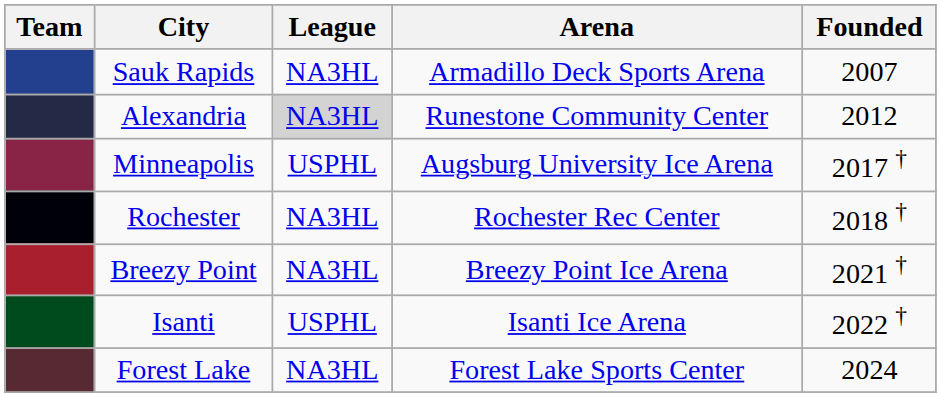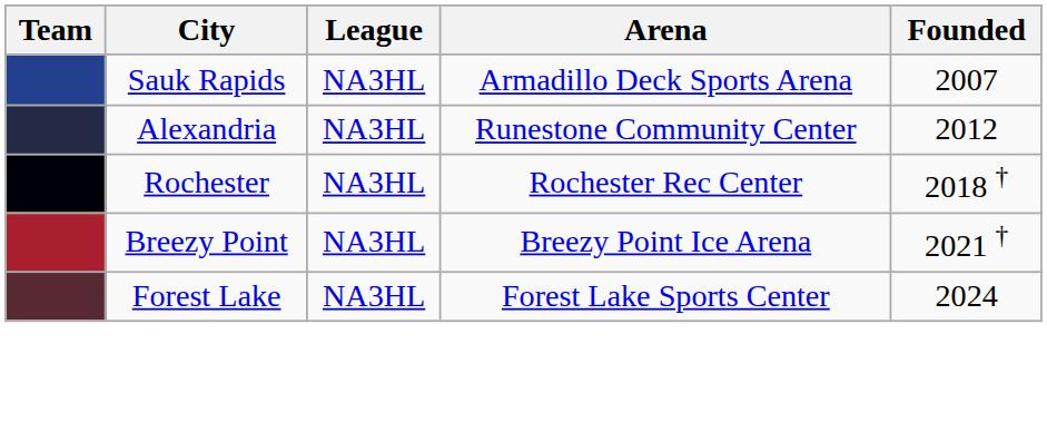 <table class="wikitable sortable" width="60%" style="text-align: center;">
 <tr>
 <th>Team</th>
 <th>City</th>
 <th>League</th>
 <th>Arena</th>
 <th>Founded</th>
 </tr>
 <tr>
 <td style="color:white; background:#22408e; "><strong><a href='#'></a></strong></td>
 <td><a href='#'>Sauk Rapids</a></td>
 <td><a href='#'>NA3HL</a></td>
 <td><a href='#'>Armadillo Deck Sports Arena</a></td>
 <td>2007</td>
 </tr>
 <tr style="text-align: center;">
 <td style="color:white; background:#242946; "><strong><a href='#'></a></strong></td>
 <td><a href='#'>Alexandria</a></td>
-<td style="background: lightgrey;"><a href='#'>NA3HL</a></td>
+<td><a href='#'>NA3HL</a></td>
 <td><a href='#'>Runestone Community Center</a></td>
 <td>2012</td>
-</tr>
-<tr>
-<td style="color:white; background:#892446; "><strong><a href='#'></a></strong></td>
-<td><a href='#'>Minneapolis</a></td>
-<td><a href='#'>USPHL</a></td>
-<td><a href='#'>Augsburg University Ice Arena</a></td>
-<td>2017 <sup>†</sup></td>
 </tr>
 <tr style="text-align: center;">
 <td style="color:white; background:#000008; "><strong><a href='#'></a></strong></td>
 <td><a href='#'>Rochester</a></td>
 <td><a href='#'>NA3HL</a></td>
 <td><a href='#'>Rochester Rec Center</a></td>
 <td>2018 <sup>†</sup></td>
 </tr>
 <tr>
 <td style="color:white; background:#aa1f2e; "><strong><a href='#'></a></strong></td>
 <td><a href='#'>Breezy Point</a></td>
 <td><a href='#'>NA3HL</a></td>
 <td><a href='#'>Breezy Point Ice Arena</a></td>
 <td>2021 <sup>†</sup></td>
 </tr>
-<tr style="text-align: center;">
-<td style="color:white; background:#004b1e; "><strong><a href='#'></a></strong></td>
-<td><a href='#'>Isanti</a></td>
-<td><a href='#'>USPHL</a></td>
-<td><a href='#'>Isanti Ice Arena</a></td>
-<td>2022 <sup>†</sup></td>
-</tr>
 <tr>
 <td style="color:white; background:#572932; "><strong><a href='#'></a></strong></td>
 <td><a href='#'>Forest Lake</a></td>
 <td><a href='#'>NA3HL</a></td>
 <td><a href='#'>Forest Lake Sports Center</a></td>
 <td>2024</td>
 </tr>
 </table>
